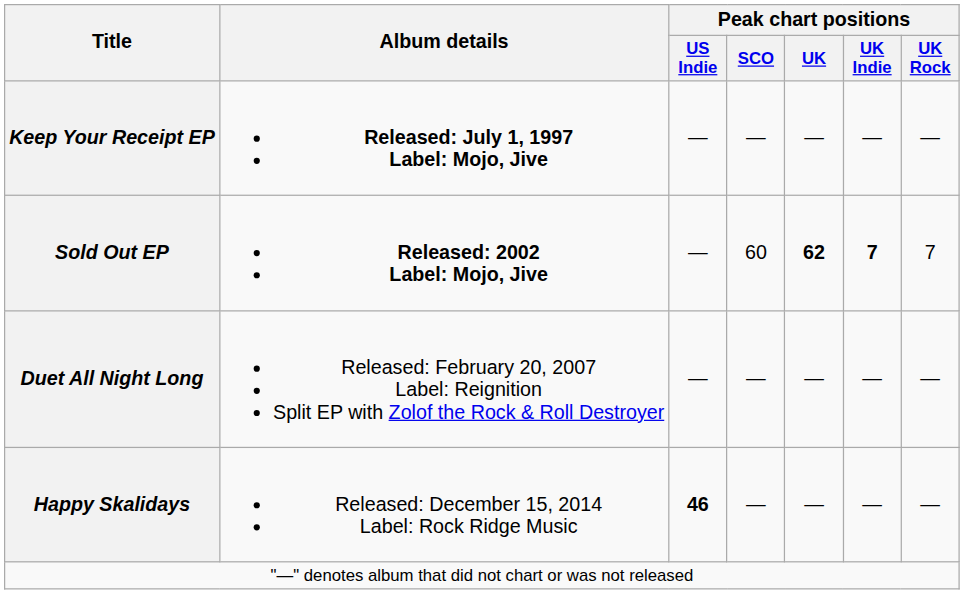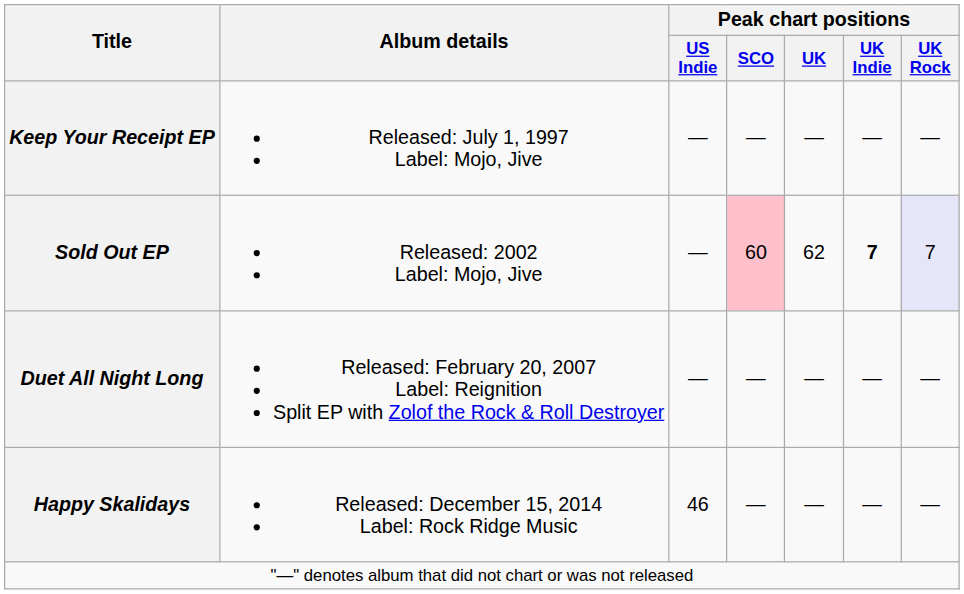 <table class="wikitable plainrowheaders" style="text-align:center;">
 <tr>
 <th scope="col" rowspan="2">Title</th>
 <th scope="col" rowspan="2">Album details</th>
 <th scope="col" colspan="5">Peak chart positions</th>
 </tr>
 <tr>
 <th scope="col" style="width:3em;font-size:85%;"><a href='#'>US Indie</a><br></th>
 <th scope="col" style="width:3em;font-size:85%;"><a href='#'>SCO</a><br></th>
 <th scope="col" style="width:3em;font-size:85%;"><a href='#'>UK</a><br></th>
 <th scope="col" style="width:3em;font-size:85%;"><a href='#'>UK<br>Indie</a><br></th>
 <th scope="col" style="width:3em;font-size:85%;"><a href='#'>UK<br>Rock</a><br></th>
 </tr>
 <tr>
 <th scope="row"><em>Keep Your Receipt EP</em></th>
-<td><strong><br><ul><li>Released: July 1, 1997</li><li>Label: Mojo, Jive</li></ul></strong></td>
+<td><br><ul><li>Released: July 1, 1997</li><li>Label: Mojo, Jive</li></ul></td>
 <td>—</td>
 <td>—</td>
 <td>—</td>
 <td>—</td>
 <td>—</td>
 </tr>
 <tr>
 <th scope="row"><em>Sold Out EP</em></th>
-<td><strong><br><ul><li>Released: 2002</li><li>Label: Mojo, Jive</li></ul></strong></td>
+<td><br><ul><li>Released: 2002</li><li>Label: Mojo, Jive</li></ul></td>
 <td>—</td>
-<td>60</td>
-<td><strong>62</strong></td>
+<td style="background: pink;">60</td>
+<td>62</td>
 <td><strong>7</strong></td>
-<td>7</td>
+<td style="background: lavender;">7</td>
 </tr>
 <tr>
 <th scope="row"><em>Duet All Night Long</em></th>
 <td><br><ul><li>Released: February 20, 2007</li><li>Label: Reignition</li><li>Split EP with <a href='#'>Zolof the Rock & Roll Destroyer</a></li></ul></td>
 <td>—</td>
 <td>—</td>
 <td>—</td>
 <td>—</td>
 <td>—</td>
 </tr>
 <tr>
 <th scope="row"><em>Happy Skalidays</em></th>
 <td><br><ul><li>Released: December 15, 2014</li><li>Label: Rock Ridge Music</li></ul></td>
-<td><strong>46</strong></td>
+<td>46</td>
 <td>—</td>
 <td>—</td>
 <td>—</td>
 <td>—</td>
 </tr>
 <tr>
 <td colspan="18" style="text-align:center; font-size:85%;">"—" denotes album that did not chart or was not released</td>
 </tr>
 </table>
